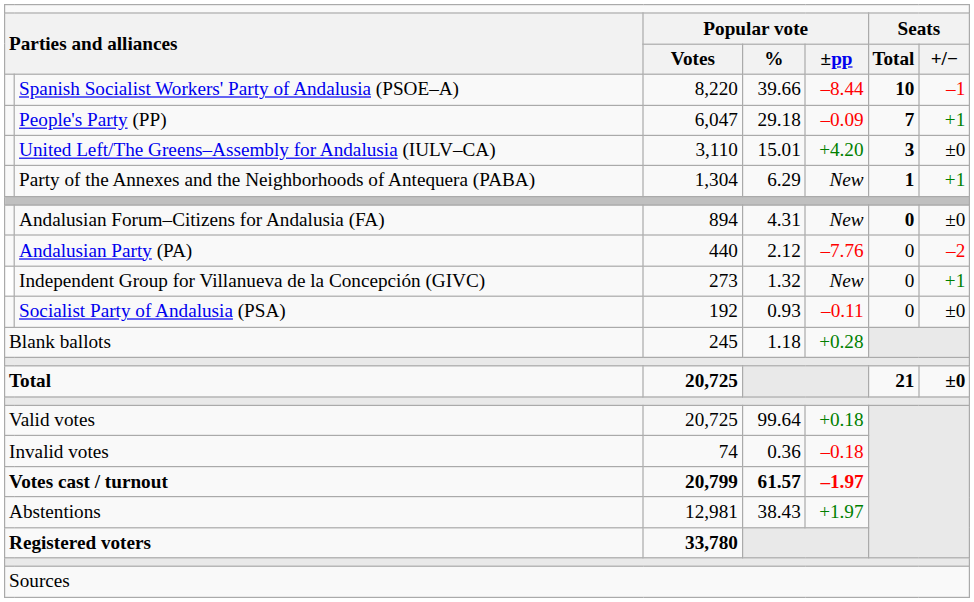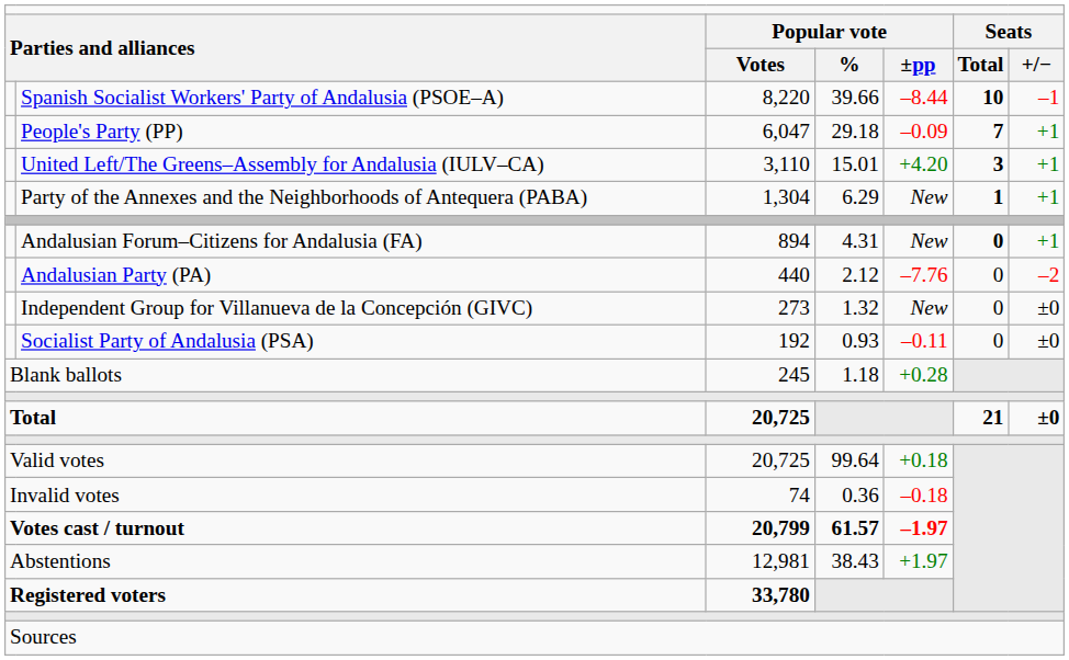 <table class="wikitable" style="text-align:right;">
 <tr>
 <td colspan="7"></td>
 </tr>
 <tr>
 <th style="text-align:left;" rowspan="2" colspan="2" width="525">Parties and alliances</th>
 <th colspan="3">Popular vote</th>
 <th colspan="2">Seats</th>
 </tr>
 <tr>
 <th width="75">Votes</th>
 <th width="45">%</th>
 <th width="45">±<a href='#'>pp</a></th>
 <th width="35">Total</th>
 <th width="35">+/−</th>
 </tr>
 <tr>
 <td width="1" style="color:inherit;background:"></td>
 <td align="left"><a href='#'>Spanish Socialist Workers' Party of Andalusia</a> (PSOE–A)</td>
 <td>8,220</td>
 <td>39.66</td>
 <td style="color:red;">–8.44</td>
 <td><strong>10</strong></td>
 <td style="color:red;">–1</td>
 </tr>
 <tr>
 <td style="color:inherit;background:"></td>
 <td align="left"><a href='#'>People's Party</a> (PP)</td>
 <td>6,047</td>
 <td>29.18</td>
 <td style="color:red;">–0.09</td>
 <td><strong>7</strong></td>
 <td style="color:green;">+1</td>
 </tr>
 <tr>
 <td style="color:inherit;background:"></td>
 <td align="left"><a href='#'>United Left/The Greens–Assembly for Andalusia</a> (IULV–CA)</td>
 <td>3,110</td>
 <td>15.01</td>
 <td style="color:green;">+4.20</td>
 <td><strong>3</strong></td>
-<td>±0</td>
+<td style="color:green;">+1</td>
 </tr>
 <tr>
 <td style="color:inherit;background:"></td>
 <td align="left">Party of the Annexes and the Neighborhoods of Antequera (PABA)</td>
 <td>1,304</td>
 <td>6.29</td>
 <td><em>New</em></td>
 <td><strong>1</strong></td>
 <td style="color:green;">+1</td>
 </tr>
 <tr>
 <td colspan="7" bgcolor="#C0C0C0"></td>
 </tr>
 <tr>
 <td style="color:inherit;background:"></td>
 <td align="left">Andalusian Forum–Citizens for Andalusia (FA)</td>
 <td>894</td>
 <td>4.31</td>
 <td><em>New</em></td>
 <td><strong>0</strong></td>
-<td>±0</td>
+<td style="color:green;">+1</td>
 </tr>
 <tr>
 <td style="color:inherit;background:"></td>
 <td align="left"><a href='#'>Andalusian Party</a> (PA)</td>
 <td>440</td>
 <td>2.12</td>
 <td style="color:red;">–7.76</td>
 <td>0</td>
 <td style="color:red;">–2</td>
 </tr>
 <tr>
 <td bgcolor="white"></td>
 <td align="left">Independent Group for Villanueva de la Concepción (GIVC)</td>
 <td>273</td>
 <td>1.32</td>
 <td><em>New</em></td>
 <td>0</td>
-<td style="color:green;">+1</td>
+<td>±0</td>
 </tr>
 <tr>
 <td style="color:inherit;background:"></td>
 <td align="left"><a href='#'>Socialist Party of Andalusia</a> (PSA)</td>
 <td>192</td>
 <td>0.93</td>
 <td style="color:red;">–0.11</td>
 <td>0</td>
 <td>±0</td>
 </tr>
 <tr>
 <td align="left" colspan="2">Blank ballots</td>
 <td>245</td>
 <td>1.18</td>
 <td style="color:green;">+0.28</td>
 <td bgcolor="#E9E9E9" colspan="2"></td>
 </tr>
 <tr>
 <td colspan="7" bgcolor="#E9E9E9"></td>
 </tr>
 <tr style="font-weight:bold;">
 <td align="left" colspan="2">Total</td>
 <td>20,725</td>
 <td bgcolor="#E9E9E9" colspan="2"></td>
 <td>21</td>
 <td>±0</td>
 </tr>
 <tr>
 <td colspan="7" bgcolor="#E9E9E9"></td>
 </tr>
 <tr>
 <td align="left" colspan="2">Valid votes</td>
 <td>20,725</td>
 <td>99.64</td>
 <td style="color:green;">+0.18</td>
 <td bgcolor="#E9E9E9" colspan="2" rowspan="5"></td>
 </tr>
 <tr>
 <td align="left" colspan="2">Invalid votes</td>
 <td>74</td>
 <td>0.36</td>
 <td style="color:red;">–0.18</td>
 </tr>
 <tr style="font-weight:bold;">
 <td align="left" colspan="2">Votes cast / turnout</td>
 <td>20,799</td>
 <td>61.57</td>
 <td style="color:red;">–1.97</td>
 </tr>
 <tr>
 <td align="left" colspan="2">Abstentions</td>
 <td>12,981</td>
 <td>38.43</td>
 <td style="color:green;">+1.97</td>
 </tr>
 <tr style="font-weight:bold;">
 <td align="left" colspan="2">Registered voters</td>
 <td>33,780</td>
 <td bgcolor="#E9E9E9" colspan="2"></td>
 </tr>
 <tr>
 <td colspan="7" bgcolor="#E9E9E9"></td>
 </tr>
 <tr>
 <td align="left" colspan="7">Sources</td>
 </tr>
 </table>
